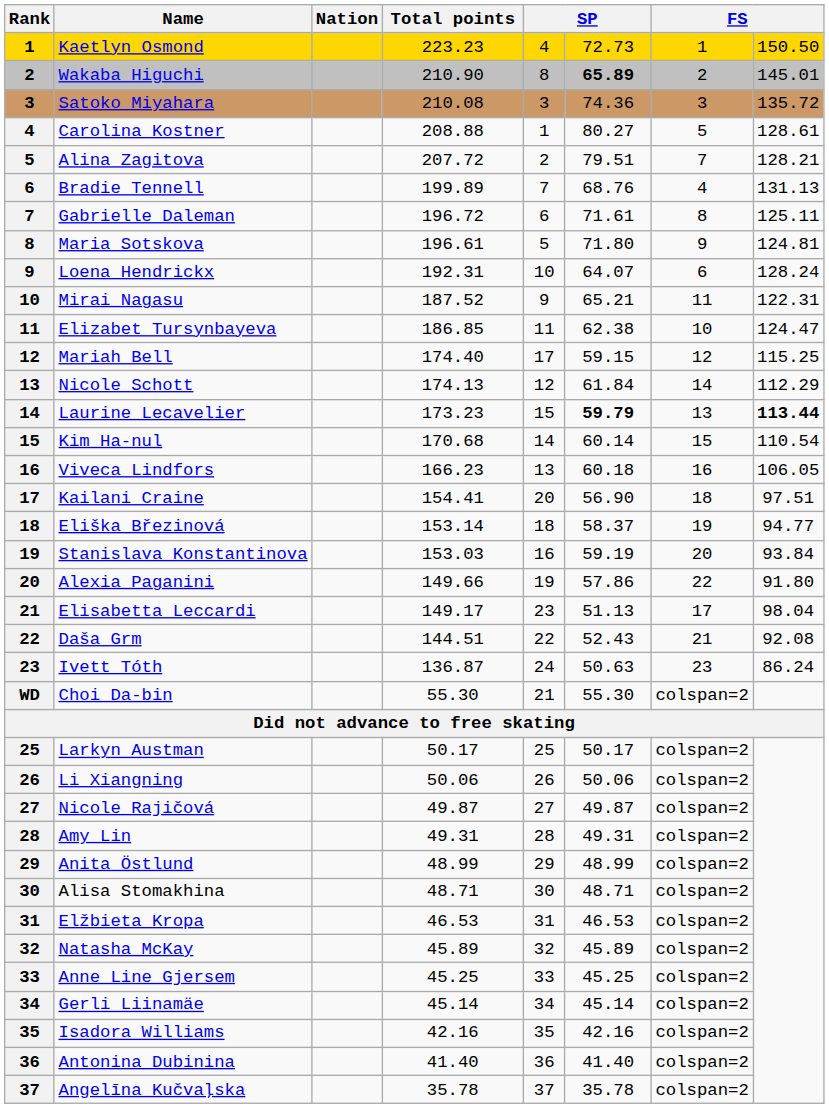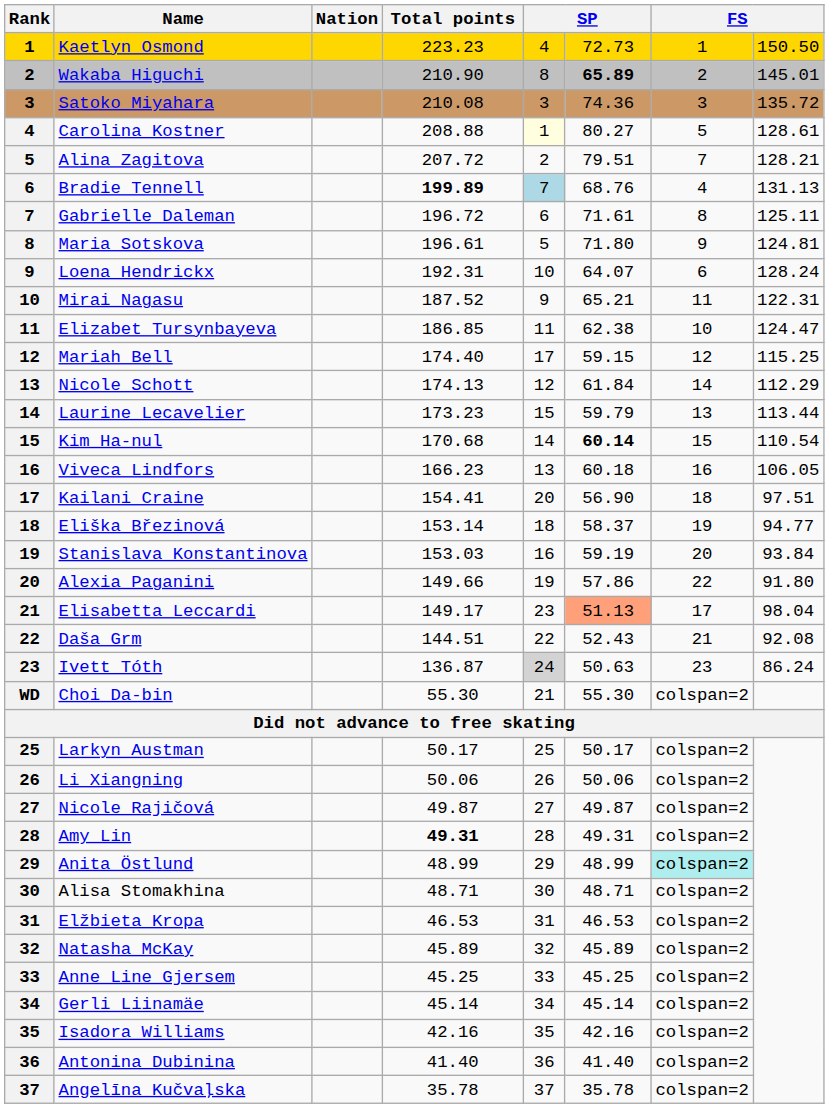 <table class="wikitable sortable">
 <tr>
 <th>Rank</th>
 <th>Name</th>
 <th>Nation</th>
 <th width="100px">Total points</th>
 <th colspan="2" width="90px"><a href='#'>SP</a></th>
 <th colspan="2" width="90px"><a href='#'>FS</a></th>
 </tr>
 <tr bgcolor="gold">
 <td align="center" bgcolor="gold"><strong>1</strong></td>
 <td><a href='#'>Kaetlyn Osmond</a></td>
 <td></td>
 <td align="center">223.23</td>
 <td align="center">4</td>
 <td align="center">72.73</td>
 <td align="center">1</td>
 <td align="center">150.50</td>
 </tr>
 <tr bgcolor="silver">
 <td align="center" bgcolor="silver"><strong>2</strong></td>
 <td><a href='#'>Wakaba Higuchi</a></td>
 <td></td>
 <td align="center">210.90</td>
 <td align="center">8</td>
 <td align="center"><strong>65.89</strong></td>
 <td align="center">2</td>
 <td align="center">145.01</td>
 </tr>
 <tr bgcolor="#cc9966">
 <td align="center" bgcolor="#cc9966"><strong>3</strong></td>
 <td><a href='#'>Satoko Miyahara</a></td>
 <td></td>
 <td align="center">210.08</td>
 <td align="center">3</td>
 <td align="center">74.36</td>
 <td align="center">3</td>
 <td align="center">135.72</td>
 </tr>
 <tr>
 <th>4</th>
 <td><a href='#'>Carolina Kostner</a></td>
 <td></td>
 <td align="center">208.88</td>
-<td align="center">1</td>
+<td align="center" style="background: lightyellow;">1</td>
 <td align="center">80.27</td>
 <td align="center">5</td>
 <td align="center">128.61</td>
 </tr>
 <tr>
 <th>5</th>
 <td><a href='#'>Alina Zagitova</a></td>
 <td></td>
 <td align="center">207.72</td>
 <td align="center">2</td>
 <td align="center">79.51</td>
 <td align="center">7</td>
 <td align="center">128.21</td>
 </tr>
 <tr>
 <th>6</th>
 <td><a href='#'>Bradie Tennell</a></td>
 <td></td>
-<td align="center">199.89</td>
-<td align="center">7</td>
+<td align="center"><strong>199.89</strong></td>
+<td align="center" style="background: lightblue;">7</td>
 <td align="center">68.76</td>
 <td align="center">4</td>
 <td align="center">131.13</td>
 </tr>
 <tr>
 <th>7</th>
 <td><a href='#'>Gabrielle Daleman</a></td>
 <td></td>
 <td align="center">196.72</td>
 <td align="center">6</td>
 <td align="center">71.61</td>
 <td align="center">8</td>
 <td align="center">125.11</td>
 </tr>
 <tr>
 <th>8</th>
 <td><a href='#'>Maria Sotskova</a></td>
 <td></td>
 <td align="center">196.61</td>
 <td align="center">5</td>
 <td align="center">71.80</td>
 <td align="center">9</td>
 <td align="center">124.81</td>
 </tr>
 <tr>
 <th>9</th>
 <td><a href='#'>Loena Hendrickx</a></td>
 <td></td>
 <td align="center">192.31</td>
 <td align="center">10</td>
 <td align="center">64.07</td>
 <td align="center">6</td>
 <td align="center">128.24</td>
 </tr>
 <tr>
 <th>10</th>
 <td><a href='#'>Mirai Nagasu</a></td>
 <td></td>
 <td align="center">187.52</td>
 <td align="center">9</td>
 <td align="center">65.21</td>
 <td align="center">11</td>
 <td align="center">122.31</td>
 </tr>
 <tr>
 <th>11</th>
 <td><a href='#'>Elizabet Tursynbayeva</a></td>
 <td></td>
 <td align="center">186.85</td>
 <td align="center">11</td>
 <td align="center">62.38</td>
 <td align="center">10</td>
 <td align="center">124.47</td>
 </tr>
 <tr>
 <th>12</th>
 <td><a href='#'>Mariah Bell</a></td>
 <td></td>
 <td align="center">174.40</td>
 <td align="center">17</td>
 <td align="center">59.15</td>
 <td align="center">12</td>
 <td align="center">115.25</td>
 </tr>
 <tr>
 <th>13</th>
 <td><a href='#'>Nicole Schott</a></td>
 <td></td>
 <td align="center">174.13</td>
 <td align="center">12</td>
 <td align="center">61.84</td>
 <td align="center">14</td>
 <td align="center">112.29</td>
 </tr>
 <tr>
 <th>14</th>
 <td><a href='#'>Laurine Lecavelier</a></td>
 <td></td>
 <td align="center">173.23</td>
 <td align="center">15</td>
-<td align="center"><strong>59.79</strong></td>
+<td align="center">59.79</td>
 <td align="center">13</td>
-<td align="center"><strong>113.44</strong></td>
+<td align="center">113.44</td>
 </tr>
 <tr>
 <th>15</th>
 <td><a href='#'>Kim Ha-nul</a></td>
 <td></td>
 <td align="center">170.68</td>
 <td align="center">14</td>
-<td align="center">60.14</td>
+<td align="center"><strong>60.14</strong></td>
 <td align="center">15</td>
 <td align="center">110.54</td>
 </tr>
 <tr>
 <th>16</th>
 <td><a href='#'>Viveca Lindfors</a></td>
 <td></td>
 <td align="center">166.23</td>
 <td align="center">13</td>
 <td align="center">60.18</td>
 <td align="center">16</td>
 <td align="center">106.05</td>
 </tr>
 <tr>
 <th>17</th>
 <td><a href='#'>Kailani Craine</a></td>
 <td></td>
 <td align="center">154.41</td>
 <td align="center">20</td>
 <td align="center">56.90</td>
 <td align="center">18</td>
 <td align="center">97.51</td>
 </tr>
 <tr>
 <th>18</th>
 <td><a href='#'>Eliška Březinová</a></td>
 <td></td>
 <td align="center">153.14</td>
 <td align="center">18</td>
 <td align="center">58.37</td>
 <td align="center">19</td>
 <td align="center">94.77</td>
 </tr>
 <tr>
 <th>19</th>
 <td><a href='#'>Stanislava Konstantinova</a></td>
 <td></td>
 <td align="center">153.03</td>
 <td align="center">16</td>
 <td align="center">59.19</td>
 <td align="center">20</td>
 <td align="center">93.84</td>
 </tr>
 <tr>
 <th>20</th>
 <td><a href='#'>Alexia Paganini</a></td>
 <td></td>
 <td align="center">149.66</td>
 <td align="center">19</td>
 <td align="center">57.86</td>
 <td align="center">22</td>
 <td align="center">91.80</td>
 </tr>
 <tr>
 <th>21</th>
 <td><a href='#'>Elisabetta Leccardi</a></td>
 <td></td>
 <td align="center">149.17</td>
 <td align="center">23</td>
-<td align="center">51.13</td>
+<td align="center" style="background: lightsalmon;">51.13</td>
 <td align="center">17</td>
 <td align="center">98.04</td>
 </tr>
 <tr>
 <th>22</th>
 <td><a href='#'>Daša Grm</a></td>
 <td></td>
 <td align="center">144.51</td>
 <td align="center">22</td>
 <td align="center">52.43</td>
 <td align="center">21</td>
 <td align="center">92.08</td>
 </tr>
 <tr>
 <th>23</th>
 <td><a href='#'>Ivett Tóth</a></td>
 <td></td>
 <td align="center">136.87</td>
-<td align="center">24</td>
+<td align="center" style="background: lightgrey;">24</td>
 <td align="center">50.63</td>
 <td align="center">23</td>
 <td align="center">86.24</td>
 </tr>
 <tr>
 <th>WD</th>
 <td><a href='#'>Choi Da-bin</a></td>
 <td></td>
 <td align="center">55.30</td>
 <td align="center">21</td>
 <td align="center">55.30</td>
 <td>colspan=2 </td>
 </tr>
 <tr>
 <th colspan=8>Did not advance to free skating</th>
 </tr>
 <tr>
 <th>25</th>
 <td><a href='#'>Larkyn Austman</a></td>
 <td></td>
 <td align="center">50.17</td>
 <td align="center">25</td>
 <td align="center">50.17</td>
 <td>colspan=2 </td>
 </tr>
 <tr>
 <th>26</th>
 <td><a href='#'>Li Xiangning</a></td>
 <td></td>
 <td align="center">50.06</td>
 <td align="center">26</td>
 <td align="center">50.06</td>
 <td>colspan=2 </td>
 </tr>
 <tr>
 <th>27</th>
 <td><a href='#'>Nicole Rajičová</a></td>
 <td></td>
 <td align="center">49.87</td>
 <td align="center">27</td>
 <td align="center">49.87</td>
 <td>colspan=2 </td>
 </tr>
 <tr>
 <th>28</th>
 <td><a href='#'>Amy Lin</a></td>
 <td></td>
-<td align="center">49.31</td>
+<td align="center"><strong>49.31</strong></td>
 <td align="center">28</td>
 <td align="center">49.31</td>
 <td>colspan=2 </td>
 </tr>
 <tr>
 <th>29</th>
 <td><a href='#'>Anita Östlund</a></td>
 <td></td>
 <td align="center">48.99</td>
 <td align="center">29</td>
 <td align="center">48.99</td>
-<td>colspan=2 </td>
+<td style="background: paleturquoise;">colspan=2 </td>
 </tr>
 <tr>
 <th>30</th>
 <td>Alisa Stomakhina</td>
 <td></td>
 <td align="center">48.71</td>
 <td align="center">30</td>
 <td align="center">48.71</td>
 <td>colspan=2 </td>
 </tr>
 <tr>
 <th>31</th>
 <td><a href='#'>Elžbieta Kropa</a></td>
 <td></td>
 <td align="center">46.53</td>
 <td align="center">31</td>
 <td align="center">46.53</td>
 <td>colspan=2 </td>
 </tr>
 <tr>
 <th>32</th>
 <td><a href='#'>Natasha McKay</a></td>
 <td></td>
 <td align="center">45.89</td>
 <td align="center">32</td>
 <td align="center">45.89</td>
 <td>colspan=2 </td>
 </tr>
 <tr>
 <th>33</th>
 <td><a href='#'>Anne Line Gjersem</a></td>
 <td></td>
 <td align="center">45.25</td>
 <td align="center">33</td>
 <td align="center">45.25</td>
 <td>colspan=2 </td>
 </tr>
 <tr>
 <th>34</th>
 <td><a href='#'>Gerli Liinamäe</a></td>
 <td></td>
 <td align="center">45.14</td>
 <td align="center">34</td>
 <td align="center">45.14</td>
 <td>colspan=2 </td>
 </tr>
 <tr>
 <th>35</th>
 <td><a href='#'>Isadora Williams</a></td>
 <td></td>
 <td align="center">42.16</td>
 <td align="center">35</td>
 <td align="center">42.16</td>
 <td>colspan=2 </td>
 </tr>
 <tr>
 <th>36</th>
 <td><a href='#'>Antonina Dubinina</a></td>
 <td></td>
 <td align="center">41.40</td>
 <td align="center">36</td>
 <td align="center">41.40</td>
 <td>colspan=2 </td>
 </tr>
 <tr>
 <th>37</th>
 <td><a href='#'>Angelīna Kučvaļska</a></td>
 <td></td>
 <td align="center">35.78</td>
 <td align="center">37</td>
 <td align="center">35.78</td>
 <td>colspan=2 </td>
 </tr>
 </table>
